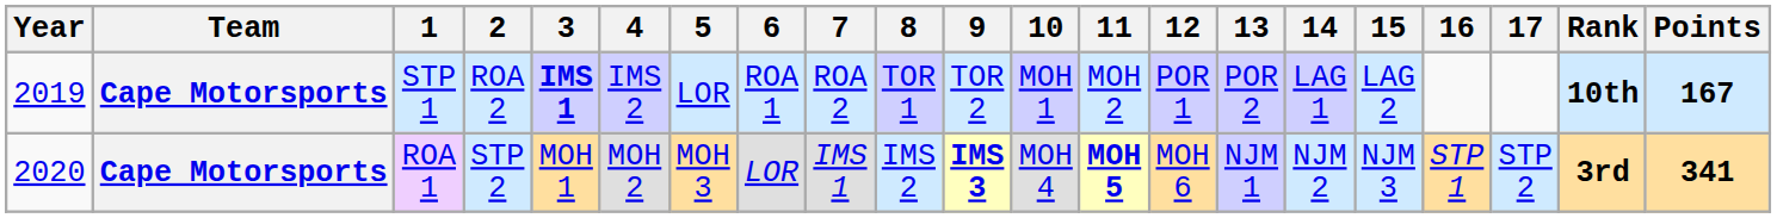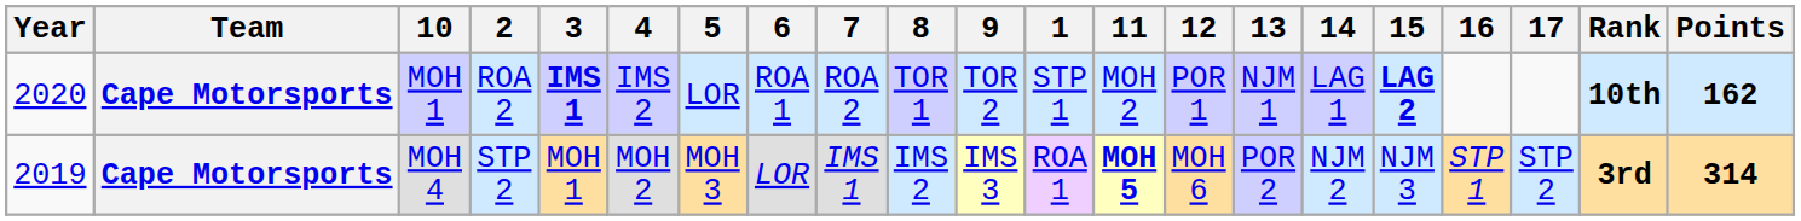 <table class="wikitable" style="text-align:center; font-size:85%">
 <tr>
 <th>Year</th>
 <th>Team</th>
-<th>1</th>
+<th>10</th>
 <th>2</th>
 <th>3</th>
 <th>4</th>
 <th>5</th>
 <th>6</th>
 <th>7</th>
 <th>8</th>
 <th>9</th>
-<th>10</th>
+<th>1</th>
 <th>11</th>
 <th>12</th>
 <th>13</th>
 <th>14</th>
 <th>15</th>
 <th>16</th>
 <th>17</th>
 <th>Rank</th>
 <th>Points</th>
 </tr>
 <tr>
-<td><a href='#'>2019</a></td>
+<td><a href='#'>2020</a></td>
 <th nowrap><a href='#'>Cape Motorsports</a></th>
-<td style="background:#CFEAFF;"><a href='#'>STP<br>1</a><br></td>
+<td style="background:#CFCFFF;"><a href='#'>MOH<br>1</a><br></td>
 <td style="background:#CFEAFF;"><a href='#'>ROA<br>2</a><br></td>
 <td style="background:#CFCFFF;"><strong><a href='#'>IMS<br>1</a><br></strong></td>
 <td style="background:#CFCFFF;"><a href='#'>IMS<br>2</a><br></td>
 <td style="background:#CFEAFF;"><a href='#'>LOR</a><br></td>
 <td style="background:#CFEAFF;"><a href='#'>ROA<br>1</a><br></td>
 <td style="background:#CFEAFF;"><a href='#'>ROA<br>2</a><br></td>
 <td style="background:#CFCFFF;"><a href='#'>TOR<br>1</a><br></td>
 <td style="background:#CFEAFF;"><a href='#'>TOR<br>2</a><br></td>
-<td style="background:#CFCFFF;"><a href='#'>MOH<br>1</a><br></td>
+<td style="background:#CFEAFF;"><a href='#'>STP<br>1</a><br></td>
 <td style="background:#CFEAFF;"><a href='#'>MOH<br>2</a><br></td>
 <td style="background:#CFCFFF;"><a href='#'>POR<br>1</a><br></td>
-<td style="background:#CFCFFF;"><a href='#'>POR<br>2</a><br></td>
+<td style="background:#CFCFFF;"><a href='#'>NJM<br>1</a><br></td>
 <td style="background:#CFCFFF;"><a href='#'>LAG<br>1</a><br></td>
-<td style="background:#CFEAFF;"><a href='#'>LAG<br>2</a><br></td>
+<td style="background:#CFEAFF;"><strong><a href='#'>LAG<br>2</a><br></strong></td>
 <td></td>
 <td></td>
 <th style="background:#CFEAFF;">10th</th>
-<th style="background:#CFEAFF;">167</th>
+<th style="background:#CFEAFF;">162</th>
 </tr>
 <tr>
-<td><a href='#'>2020</a></td>
+<td><a href='#'>2019</a></td>
 <th nowrap><a href='#'>Cape Motorsports</a></th>
-<td style="background:#EFCFFF;"><a href='#'>ROA<br>1</a><br></td>
+<td style="background:#DFDFDF;"><a href='#'>MOH<br>4</a><br></td>
 <td style="background:#CFEAFF;"><a href='#'>STP<br>2</a><br></td>
 <td style="background:#FFDF9F;"><a href='#'>MOH<br>1</a><br></td>
 <td style="background:#DFDFDF;"><a href='#'>MOH<br>2</a><br></td>
 <td style="background:#FFDF9F;"><a href='#'>MOH<br>3</a><br></td>
 <td style="background:#DFDFDF;"><em><a href='#'>LOR</a></em><br></td>
 <td style="background:#DFDFDF;"><em><a href='#'>IMS<br>1</a></em><br></td>
 <td style="background:#CFEAFF;"><a href='#'>IMS<br>2</a><br></td>
-<td style="background:#FFFFBF;"><strong><a href='#'>IMS<br>3</a><br></strong></td>
-<td style="background:#DFDFDF;"><a href='#'>MOH<br>4</a><br></td>
+<td style="background:#FFFFBF;"><a href='#'>IMS<br>3</a><br></td>
+<td style="background:#EFCFFF;"><a href='#'>ROA<br>1</a><br></td>
 <td style="background:#FFFFBF;"><strong><a href='#'>MOH<br>5</a></strong><br></td>
 <td style="background:#FFDF9F;"><a href='#'>MOH<br>6</a><br></td>
-<td style="background:#CFCFFF;"><a href='#'>NJM<br>1</a><br></td>
+<td style="background:#CFCFFF;"><a href='#'>POR<br>2</a><br></td>
 <td style="background:#CFEAFF;"><a href='#'>NJM<br>2</a><br></td>
 <td style="background:#CFEAFF;"><a href='#'>NJM<br>3</a><br></td>
 <td style="background:#FFDF9F;"><em><a href='#'>STP<br>1</a></em><br></td>
 <td style="background:#CFEAFF;"><a href='#'>STP<br>2</a><br></td>
 <th style="background:#FFDF9F;"><strong>3rd</strong></th>
-<th style="background:#FFDF9F;"><strong>341</strong></th>
+<th style="background:#FFDF9F;"><strong>314</strong></th>
 </tr>
 </table>
